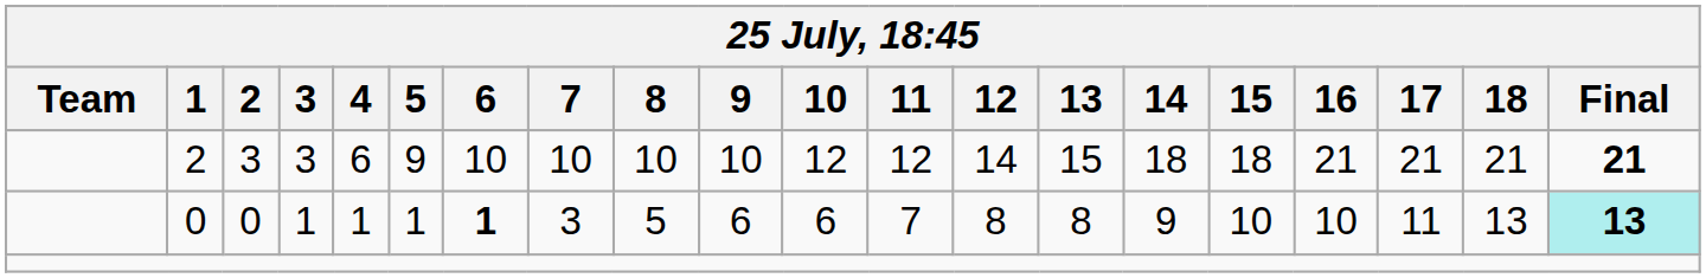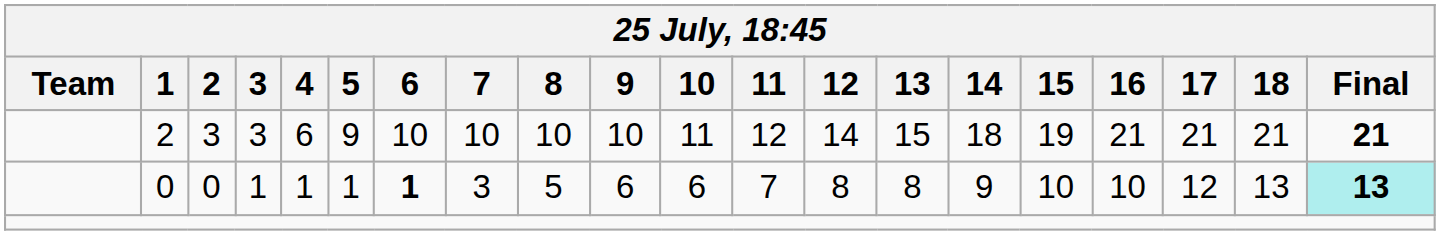 <table class=wikitable style="text-align:center; width: 55%">
 <tr>
 <th colspan=20><em>25 July, 18:45</em></th>
 </tr>
 <tr>
 <th>Team</th>
 <th>1</th>
 <th>2</th>
 <th>3</th>
 <th>4</th>
 <th>5</th>
 <th>6</th>
 <th>7</th>
 <th>8</th>
 <th>9</th>
 <th>10</th>
 <th>11</th>
 <th>12</th>
 <th>13</th>
 <th>14</th>
 <th>15</th>
 <th>16</th>
 <th>17</th>
 <th>18</th>
 <th>Final</th>
 </tr>
 <tr>
 <td align=left><strong></strong></td>
 <td>2</td>
 <td>3</td>
 <td>3</td>
 <td>6</td>
 <td>9</td>
 <td>10</td>
 <td>10</td>
 <td>10</td>
 <td>10</td>
-<td>12</td>
+<td>11</td>
 <td>12</td>
 <td>14</td>
 <td>15</td>
 <td>18</td>
-<td>18</td>
+<td>19</td>
 <td>21</td>
 <td>21</td>
 <td>21</td>
 <td><strong>21</strong></td>
 </tr>
 <tr>
 <td align=left></td>
 <td>0</td>
 <td>0</td>
 <td>1</td>
 <td>1</td>
 <td>1</td>
 <td><strong>1</strong></td>
 <td>3</td>
 <td>5</td>
 <td>6</td>
 <td>6</td>
 <td>7</td>
 <td>8</td>
 <td>8</td>
 <td>9</td>
 <td>10</td>
 <td>10</td>
-<td>11</td>
+<td>12</td>
 <td>13</td>
 <td style="background: paleturquoise;"><strong>13</strong></td>
 </tr>
 <tr>
 <td colspan=20></td>
 </tr>
 </table>
